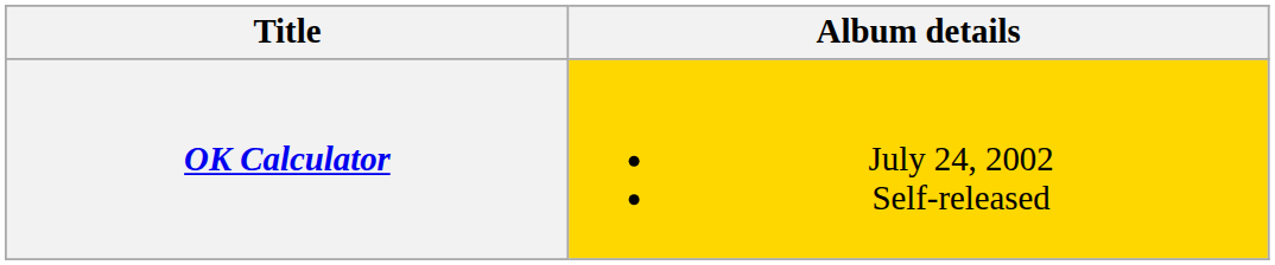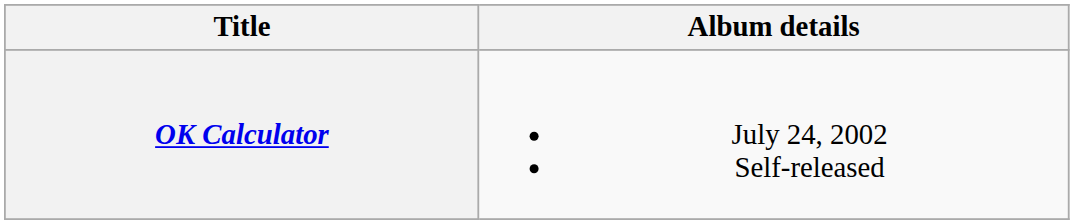 <table class="wikitable plainrowheaders" style="text-align:center;">
 <tr>
 <th scope="col" style="width:16em;">Title</th>
 <th scope="col" style="width:20em;">Album details</th>
 </tr>
 <tr>
 <th scope="row"><em><a href='#'>OK Calculator</a></em></th>
-<td style="background: gold;"><br><ul><li>July 24, 2002</li><li>Self-released</li></ul></td>
+<td><br><ul><li>July 24, 2002</li><li>Self-released</li></ul></td>
 </tr>
 </table>
